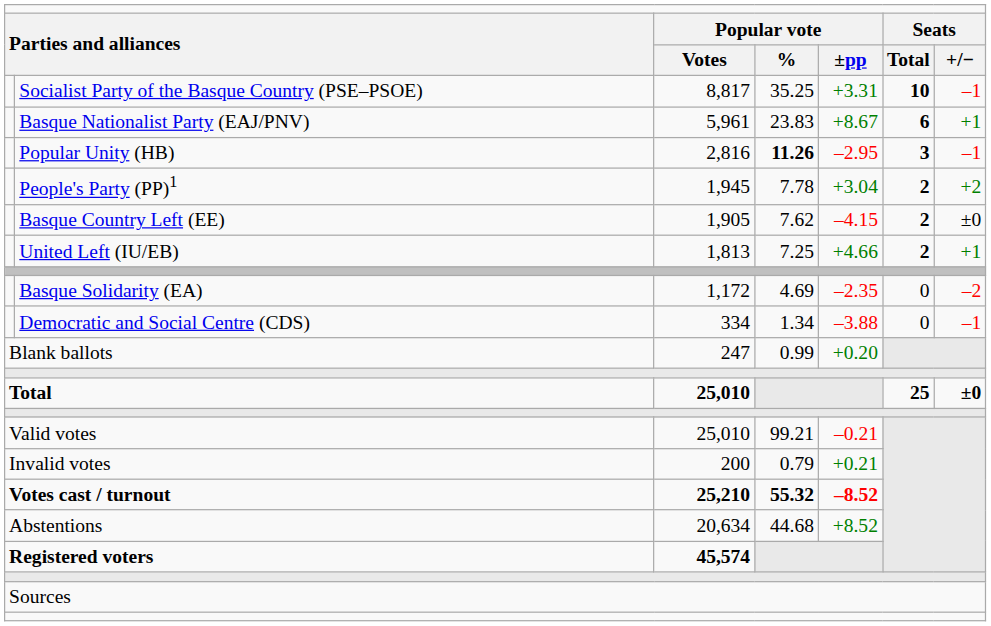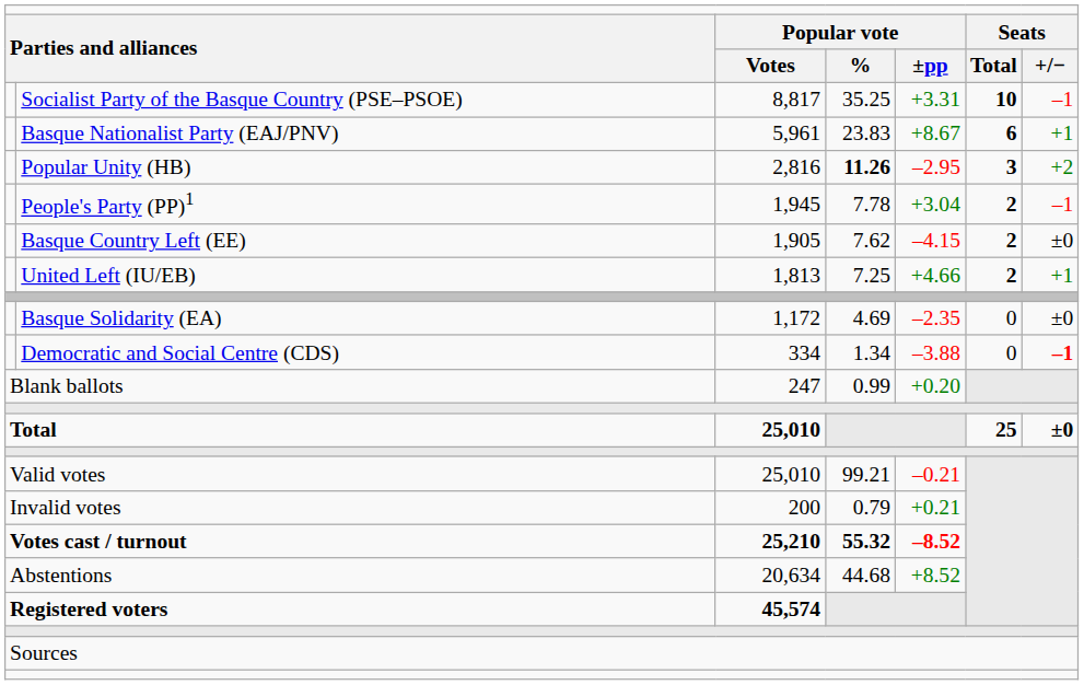 <table class="wikitable" style="text-align:right;">
 <tr>
 <td colspan="7"></td>
 </tr>
 <tr>
 <th style="text-align:left;" rowspan="2" colspan="2" width="525">Parties and alliances</th>
 <th colspan="3">Popular vote</th>
 <th colspan="2">Seats</th>
 </tr>
 <tr>
 <th width="75">Votes</th>
 <th width="45">%</th>
 <th width="45">±<a href='#'>pp</a></th>
 <th width="35">Total</th>
 <th width="35">+/−</th>
 </tr>
 <tr>
 <td width="1" style="color:inherit;background:"></td>
 <td align="left"><a href='#'>Socialist Party of the Basque Country</a> (PSE–PSOE)</td>
 <td>8,817</td>
 <td>35.25</td>
 <td style="color:green;">+3.31</td>
 <td><strong>10</strong></td>
 <td style="color:red;">–1</td>
 </tr>
 <tr>
 <td style="color:inherit;background:"></td>
 <td align="left"><a href='#'>Basque Nationalist Party</a> (EAJ/PNV)</td>
 <td>5,961</td>
 <td>23.83</td>
 <td style="color:green;">+8.67</td>
 <td><strong>6</strong></td>
 <td style="color:green;">+1</td>
 </tr>
 <tr>
 <td style="color:inherit;background:"></td>
 <td align="left"><a href='#'>Popular Unity</a> (HB)</td>
 <td>2,816</td>
 <td><strong>11.26</strong></td>
 <td style="color:red;">–2.95</td>
 <td><strong>3</strong></td>
-<td style="color:red;">–1</td>
+<td style="color:green;">+2</td>
 </tr>
 <tr>
 <td style="color:inherit;background:"></td>
 <td align="left"><a href='#'>People's Party</a> (PP)<sup>1</sup></td>
 <td>1,945</td>
 <td>7.78</td>
 <td style="color:green;">+3.04</td>
 <td><strong>2</strong></td>
-<td style="color:green;">+2</td>
+<td style="color:red;">–1</td>
 </tr>
 <tr>
 <td style="color:inherit;background:"></td>
 <td align="left"><a href='#'>Basque Country Left</a> (EE)</td>
 <td>1,905</td>
 <td>7.62</td>
 <td style="color:red;">–4.15</td>
 <td><strong>2</strong></td>
 <td>±0</td>
 </tr>
 <tr>
 <td style="color:inherit;background:"></td>
 <td align="left"><a href='#'>United Left</a> (IU/EB)</td>
 <td>1,813</td>
 <td>7.25</td>
 <td style="color:green;">+4.66</td>
 <td><strong>2</strong></td>
 <td style="color:green;">+1</td>
 </tr>
 <tr>
 <td colspan="7" bgcolor="#C0C0C0"></td>
 </tr>
 <tr>
 <td style="color:inherit;background:"></td>
 <td align="left"><a href='#'>Basque Solidarity</a> (EA)</td>
 <td>1,172</td>
 <td>4.69</td>
 <td style="color:red;">–2.35</td>
 <td>0</td>
-<td style="color:red;">–2</td>
+<td>±0</td>
 </tr>
 <tr>
 <td style="color:inherit;background:"></td>
 <td align="left"><a href='#'>Democratic and Social Centre</a> (CDS)</td>
 <td>334</td>
 <td>1.34</td>
 <td style="color:red;">–3.88</td>
 <td>0</td>
-<td style="color:red;">–1</td>
+<td style="color:red;"><strong>–1</strong></td>
 </tr>
 <tr>
 <td align="left" colspan="2">Blank ballots</td>
 <td>247</td>
 <td>0.99</td>
 <td style="color:green;">+0.20</td>
 <td bgcolor="#E9E9E9" colspan="2"></td>
 </tr>
 <tr>
 <td colspan="7" bgcolor="#E9E9E9"></td>
 </tr>
 <tr style="font-weight:bold;">
 <td align="left" colspan="2">Total</td>
 <td>25,010</td>
 <td bgcolor="#E9E9E9" colspan="2"></td>
 <td>25</td>
 <td>±0</td>
 </tr>
 <tr>
 <td colspan="7" bgcolor="#E9E9E9"></td>
 </tr>
 <tr>
 <td align="left" colspan="2">Valid votes</td>
 <td>25,010</td>
 <td>99.21</td>
 <td style="color:red;">–0.21</td>
 <td bgcolor="#E9E9E9" colspan="2" rowspan="5"></td>
 </tr>
 <tr>
 <td align="left" colspan="2">Invalid votes</td>
 <td>200</td>
 <td>0.79</td>
 <td style="color:green;">+0.21</td>
 </tr>
 <tr style="font-weight:bold;">
 <td align="left" colspan="2">Votes cast / turnout</td>
 <td>25,210</td>
 <td>55.32</td>
 <td style="color:red;">–8.52</td>
 </tr>
 <tr>
 <td align="left" colspan="2">Abstentions</td>
 <td>20,634</td>
 <td>44.68</td>
 <td style="color:green;">+8.52</td>
 </tr>
 <tr style="font-weight:bold;">
 <td align="left" colspan="2">Registered voters</td>
 <td>45,574</td>
 <td bgcolor="#E9E9E9" colspan="2"></td>
 </tr>
 <tr>
 <td colspan="7" bgcolor="#E9E9E9"></td>
 </tr>
 <tr>
 <td align="left" colspan="7">Sources</td>
 </tr>
 <tr>
 <td colspan="7" style="text-align:left; max-width:790px;"></td>
 </tr>
 </table>
